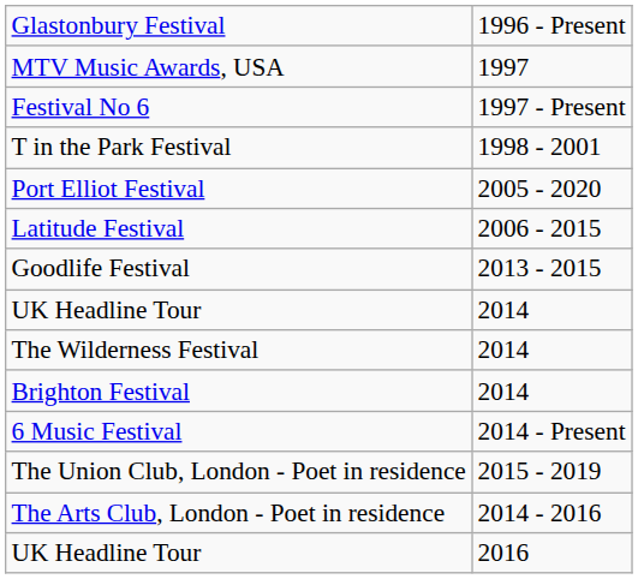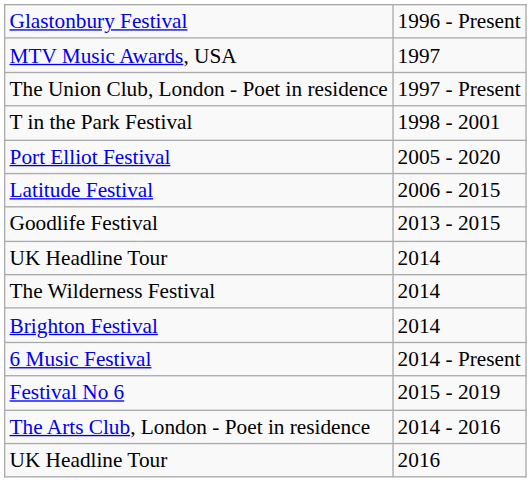 <table class="wikitable">
 <tr>
 <td><a href='#'>Glastonbury Festival</a></td>
 <td>1996 - Present</td>
 </tr>
 <tr>
 <td><a href='#'>MTV Music Awards</a>, USA</td>
 <td>1997</td>
 </tr>
 <tr>
-<td><a href='#'>Festival No 6</a></td>
+<td>The Union Club, London - Poet in residence</td>
 <td>1997 - Present</td>
 </tr>
 <tr>
 <td>T in the Park Festival</td>
 <td>1998 - 2001</td>
 </tr>
 <tr>
 <td><a href='#'>Port Elliot Festival</a></td>
 <td>2005 - 2020</td>
 </tr>
 <tr>
 <td><a href='#'>Latitude Festival</a></td>
 <td>2006 - 2015</td>
 </tr>
 <tr>
 <td>Goodlife Festival</td>
 <td>2013 - 2015</td>
 </tr>
 <tr>
 <td>UK Headline Tour</td>
 <td>2014</td>
 </tr>
 <tr>
 <td>The Wilderness Festival</td>
 <td>2014</td>
 </tr>
 <tr>
 <td><a href='#'>Brighton Festival</a></td>
 <td>2014</td>
 </tr>
 <tr>
 <td><a href='#'>6 Music Festival</a></td>
 <td>2014 - Present</td>
 </tr>
 <tr>
-<td>The Union Club, London - Poet in residence</td>
+<td><a href='#'>Festival No 6</a></td>
 <td>2015 - 2019</td>
 </tr>
 <tr>
 <td><a href='#'>The Arts Club</a>, London - Poet in residence</td>
 <td>2014 - 2016</td>
 </tr>
 <tr>
 <td>UK Headline Tour</td>
 <td>2016</td>
 </tr>
 </table>
